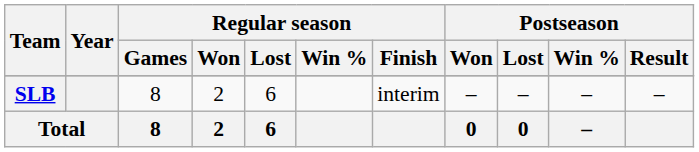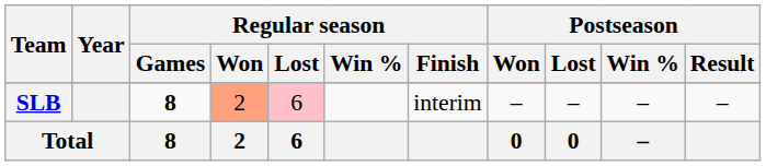 <table class="wikitable" style="font-size: 95%; text-align:center;">
 <tr>
 <th rowspan="2">Team</th>
 <th rowspan="2">Year</th>
 <th colspan="5">Regular season</th>
 <th colspan="4">Postseason</th>
 </tr>
 <tr>
 <th>Games</th>
 <th>Won</th>
 <th>Lost</th>
 <th>Win %</th>
 <th>Finish</th>
 <th>Won</th>
 <th>Lost</th>
 <th>Win %</th>
 <th>Result</th>
 </tr>
 <tr>
 </tr>
 <tr>
 <th><a href='#'>SLB</a></th>
 <th></th>
-<td>8</td>
-<td>2</td>
-<td>6</td>
+<td><strong>8</strong></td>
+<td style="background: lightsalmon;">2</td>
+<td style="background: pink;">6</td>
 <td></td>
 <td>interim</td>
 <td>–</td>
 <td>–</td>
 <td>–</td>
 <td>–</td>
 </tr>
 <tr>
 <th colspan="2">Total</th>
 <th>8</th>
 <th>2</th>
 <th>6</th>
 <th></th>
 <th></th>
 <th>0</th>
 <th>0</th>
 <th>–</th>
 <th></th>
 </tr>
 </table>
